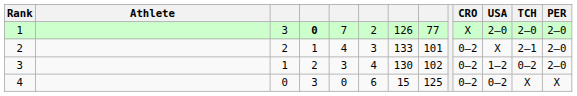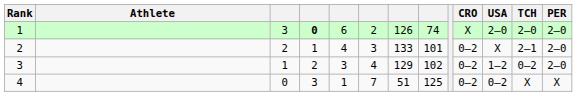 <table class="wikitable" style="text-align:center">
 <tr>
 <th>Rank</th>
 <th width=280>Athlete</th>
 <th width=30></th>
 <th width=30></th>
 <th width=30></th>
 <th width=30></th>
 <th width=30></th>
 <th width=30></th>
 <th rowspan=5></th>
 <th width=30>CRO</th>
 <th width=30>USA</th>
 <th width=30>TCH</th>
 <th width=30>PER</th>
 </tr>
 <tr style="background-color:#ccffcc;">
 <td>1</td>
 <td align=left></td>
 <td>3</td>
 <td><strong>0</strong></td>
-<td>7</td>
+<td>6</td>
 <td>2</td>
 <td>126</td>
-<td>77</td>
+<td>74</td>
 <td>X</td>
 <td>2–0</td>
 <td>2–0</td>
 <td>2–0</td>
 </tr>
 <tr>
 <td>2</td>
 <td align=left></td>
 <td>2</td>
 <td>1</td>
 <td>4</td>
 <td>3</td>
 <td>133</td>
 <td>101</td>
 <td>0–2</td>
 <td>X</td>
 <td>2–1</td>
 <td>2–0</td>
 </tr>
 <tr>
 <td>3</td>
 <td align=left></td>
 <td>1</td>
 <td>2</td>
 <td>3</td>
 <td>4</td>
-<td>130</td>
+<td>129</td>
 <td>102</td>
 <td>0–2</td>
 <td>1–2</td>
 <td>0–2</td>
 <td>2–0</td>
 </tr>
 <tr>
 <td>4</td>
 <td align=left></td>
 <td>0</td>
 <td>3</td>
-<td>0</td>
-<td>6</td>
-<td>15</td>
+<td>1</td>
+<td>7</td>
+<td>51</td>
 <td>125</td>
 <td>0–2</td>
 <td>0–2</td>
 <td>X</td>
 <td>X</td>
 </tr>
 </table>
